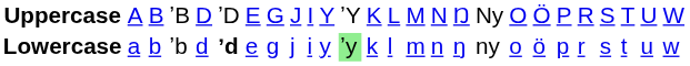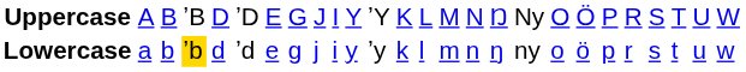 <table>
 <tr>
 <th>Uppercase</th>
 <td><a href='#'>A</a></td>
 <td><a href='#'>B</a></td>
 <td>ʼB</td>
 <td><a href='#'>D</a></td>
 <td>ʼD</td>
 <td><a href='#'>E</a></td>
 <td><a href='#'>G</a></td>
 <td><a href='#'>J</a></td>
 <td><a href='#'>I</a></td>
 <td><a href='#'>Y</a></td>
 <td>ʼY</td>
 <td><a href='#'>K</a></td>
 <td><a href='#'>L</a></td>
 <td><a href='#'>M</a></td>
 <td><a href='#'>N</a></td>
 <td><a href='#'>Ŋ</a></td>
 <td>Ny</td>
 <td><a href='#'>O</a></td>
 <td><a href='#'>Ö</a></td>
 <td><a href='#'>P</a></td>
 <td><a href='#'>R</a></td>
 <td><a href='#'>S</a></td>
 <td><a href='#'>T</a></td>
 <td><a href='#'>U</a></td>
 <td><a href='#'>W</a></td>
 </tr>
 <tr>
 <th>Lowercase</th>
 <td><a href='#'>a</a></td>
 <td><a href='#'>b</a></td>
-<td>ʼb</td>
+<td style="background: gold;">ʼb</td>
 <td><a href='#'>d</a></td>
-<td><strong>ʼd</strong></td>
+<td>ʼd</td>
 <td><a href='#'>e</a></td>
 <td><a href='#'>g</a></td>
 <td><a href='#'>j</a></td>
 <td><a href='#'>i</a></td>
 <td><a href='#'>y</a></td>
-<td style="background: lightgreen;">ʼy</td>
+<td>ʼy</td>
 <td><a href='#'>k</a></td>
 <td><a href='#'>l</a></td>
 <td><a href='#'>m</a></td>
 <td><a href='#'>n</a></td>
 <td><a href='#'>ŋ</a></td>
 <td>ny</td>
 <td><a href='#'>o</a></td>
 <td><a href='#'>ö</a></td>
 <td><a href='#'>p</a></td>
 <td><a href='#'>r</a></td>
 <td><a href='#'>s</a></td>
 <td><a href='#'>t</a></td>
 <td><a href='#'>u</a></td>
 <td><a href='#'>w</a></td>
 </tr>
 </table>
